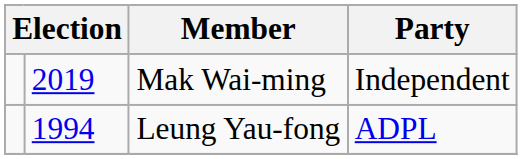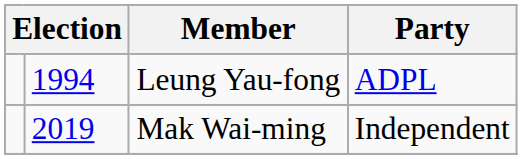 <table class="wikitable">
 <tr>
 <th colspan="2">Election</th>
 <th>Member</th>
 <th>Party</th>
 </tr>
 <tr>
 <td style="background-color:"></td>
+<td><a href='#'>1994</a></td>
+<td>Leung Yau-fong</td>
+<td><a href='#'>ADPL</a></td>
+</tr>
+<tr>
+<td style="background-color:"></td>
 <td><a href='#'>2019</a></td>
 <td>Mak Wai-ming</td>
 <td>Independent</td>
 </tr>
 <tr>
-<td style="background-color:"></td>
-<td><a href='#'>1994</a></td>
-<td>Leung Yau-fong</td>
-<td><a href='#'>ADPL</a></td>
-</tr>
-<tr>
 </tr>
 </table>
